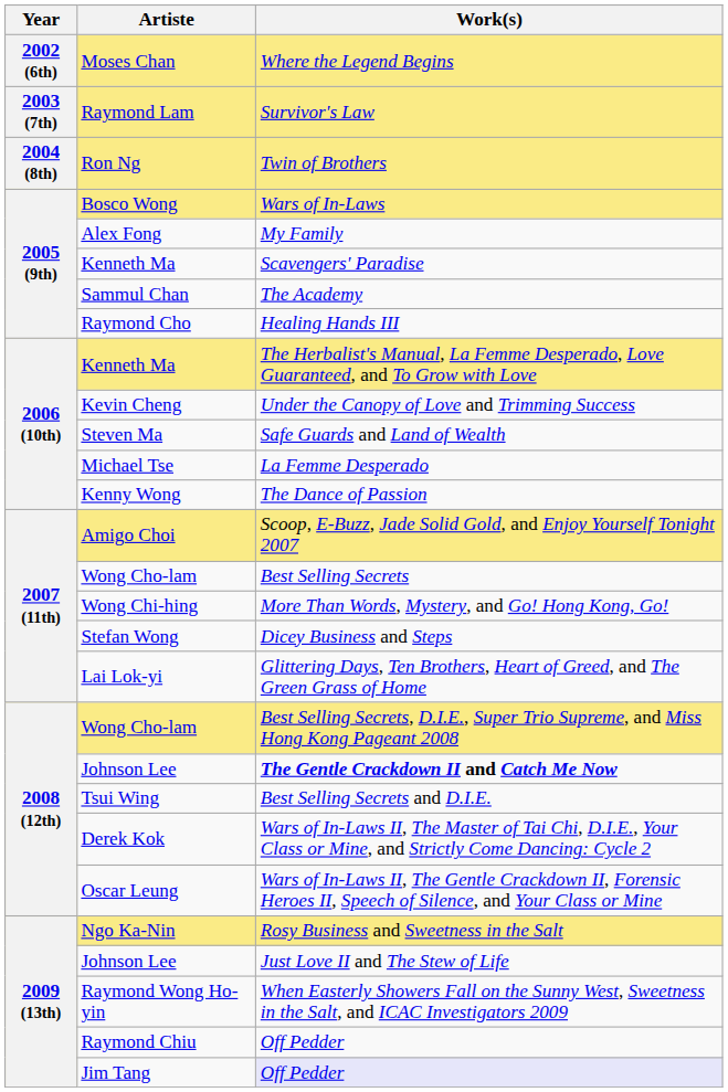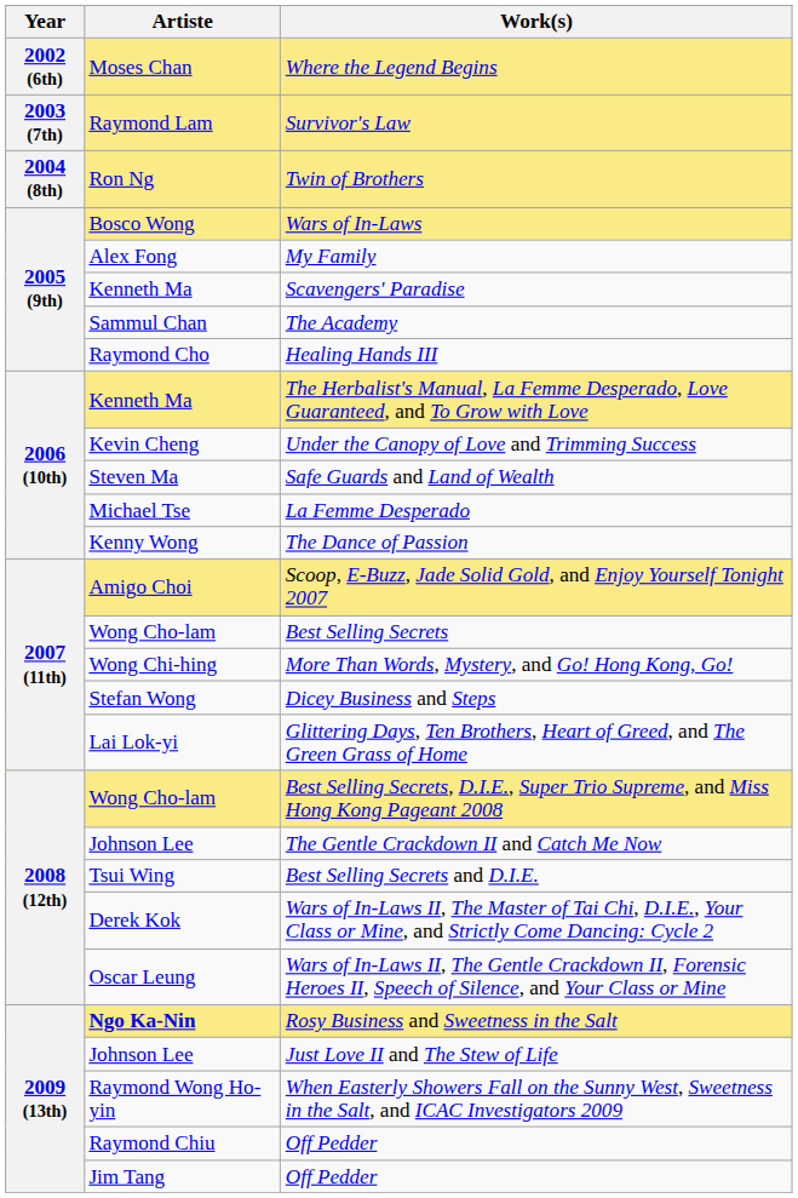 <table class="wikitable">
 <tr>
 <th style="width:10%;">Year</th>
 <th style="width:25%;">Artiste</th>
 <th>Work(s)</th>
 </tr>
 <tr>
 <th scope="row" style="text-align:center"><strong><a href='#'>2002</a></strong><br><small>(6th)</small></th>
 <td style="background:#FAEB86"><a href='#'>Moses Chan</a> </td>
 <td style="background:#FAEB86"><em><a href='#'>Where the Legend Begins</a></em></td>
 </tr>
 <tr>
 <th scope="row" style="text-align:center"><strong><a href='#'>2003</a></strong><br><small>(7th)</small></th>
 <td style="background:#FAEB86"><a href='#'>Raymond Lam</a> </td>
 <td style="background:#FAEB86"><em><a href='#'>Survivor's Law</a></em></td>
 </tr>
 <tr>
 <th scope="row" style="text-align:center"><strong><a href='#'>2004</a></strong><br><small>(8th)</small></th>
 <td style="background:#FAEB86"><a href='#'>Ron Ng</a> </td>
 <td style="background:#FAEB86"><em><a href='#'>Twin of Brothers</a></em></td>
 </tr>
 <tr style="background:#FAEB86">
 <th rowspan="5"><strong><a href='#'>2005</a></strong><br><small>(9th)</small></th>
 <td><a href='#'>Bosco Wong</a> </td>
 <td><em><a href='#'>Wars of In-Laws</a></em></td>
 </tr>
 <tr>
 <td><a href='#'>Alex Fong</a></td>
 <td><em><a href='#'>My Family</a></em></td>
 </tr>
 <tr>
 <td><a href='#'>Kenneth Ma</a></td>
 <td><em><a href='#'>Scavengers' Paradise</a></em></td>
 </tr>
 <tr>
 <td><a href='#'>Sammul Chan</a></td>
 <td><em><a href='#'>The Academy</a></em></td>
 </tr>
 <tr>
 <td><a href='#'>Raymond Cho</a></td>
 <td><em><a href='#'>Healing Hands III</a></em></td>
 </tr>
 <tr style="background:#FAEB86">
 <th rowspan="5"><strong><a href='#'>2006</a></strong> <br><small>(10th)</small></th>
 <td><a href='#'>Kenneth Ma</a> </td>
 <td><em><a href='#'>The Herbalist's Manual</a></em>, <em><a href='#'>La Femme Desperado</a></em>, <em><a href='#'>Love Guaranteed</a></em>, and <em><a href='#'>To Grow with Love</a></em></td>
 </tr>
 <tr>
 <td><a href='#'>Kevin Cheng</a></td>
 <td><em><a href='#'>Under the Canopy of Love</a></em> and <em><a href='#'>Trimming Success</a></em></td>
 </tr>
 <tr>
 <td><a href='#'>Steven Ma</a></td>
 <td><em><a href='#'>Safe Guards</a></em> and <em><a href='#'>Land of Wealth</a></em></td>
 </tr>
 <tr>
 <td><a href='#'>Michael Tse</a></td>
 <td><em><a href='#'>La Femme Desperado</a></em></td>
 </tr>
 <tr>
 <td><a href='#'>Kenny Wong</a></td>
 <td><em><a href='#'>The Dance of Passion</a></em></td>
 </tr>
 <tr style="background:#FAEB86">
 <th rowspan="5"><strong><a href='#'>2007</a></strong><br><small>(11th)</small></th>
 <td><a href='#'>Amigo Choi</a> </td>
 <td><em>Scoop</em>, <em><a href='#'>E-Buzz</a></em>, <em><a href='#'>Jade Solid Gold</a></em>, and <em><a href='#'>Enjoy Yourself Tonight 2007</a></em></td>
 </tr>
 <tr>
 <td><a href='#'>Wong Cho-lam</a></td>
 <td><em><a href='#'>Best Selling Secrets</a></em></td>
 </tr>
 <tr>
 <td><a href='#'>Wong Chi-hing</a></td>
 <td><em><a href='#'>More Than Words</a></em>, <em><a href='#'>Mystery</a></em>, and <em><a href='#'>Go! Hong Kong, Go!</a></em></td>
 </tr>
 <tr>
 <td><a href='#'>Stefan Wong</a></td>
 <td><em><a href='#'>Dicey Business</a></em> and <em><a href='#'>Steps</a></em></td>
 </tr>
 <tr>
 <td><a href='#'>Lai Lok-yi</a></td>
 <td><em><a href='#'>Glittering Days</a></em>, <em><a href='#'>Ten Brothers</a></em>, <em><a href='#'>Heart of Greed</a></em>, and <em><a href='#'>The Green Grass of Home</a></em></td>
 </tr>
 <tr style="background:#FAEB86">
 <th rowspan="5"><strong><a href='#'>2008</a></strong><br><small>(12th)</small></th>
 <td><a href='#'>Wong Cho-lam</a> </td>
 <td><em><a href='#'>Best Selling Secrets</a></em>, <em><a href='#'>D.I.E.</a></em>, <em><a href='#'>Super Trio Supreme</a></em>, and <em><a href='#'>Miss Hong Kong Pageant 2008</a></em></td>
 </tr>
 <tr>
 <td><a href='#'>Johnson Lee</a></td>
-<td><strong><em><a href='#'>The Gentle Crackdown II</a></em> and <em><a href='#'>Catch Me Now</a></em></strong></td>
+<td><em><a href='#'>The Gentle Crackdown II</a></em> and <em><a href='#'>Catch Me Now</a></em></td>
 </tr>
 <tr>
 <td><a href='#'>Tsui Wing</a></td>
 <td><em><a href='#'>Best Selling Secrets</a></em> and <em><a href='#'>D.I.E.</a></em></td>
 </tr>
 <tr>
 <td><a href='#'>Derek Kok</a></td>
 <td><em><a href='#'>Wars of In-Laws II</a></em>, <em><a href='#'>The Master of Tai Chi</a></em>, <em><a href='#'>D.I.E.</a></em>, <em><a href='#'>Your Class or Mine</a></em>, and <em><a href='#'>Strictly Come Dancing: Cycle 2</a></em></td>
 </tr>
 <tr>
 <td><a href='#'>Oscar Leung</a></td>
 <td><em><a href='#'>Wars of In-Laws II</a></em>, <em><a href='#'>The Gentle Crackdown II</a></em>, <em><a href='#'>Forensic Heroes II</a></em>, <em><a href='#'>Speech of Silence</a></em>, and <em><a href='#'>Your Class or Mine</a></em></td>
 </tr>
 <tr style="background:#FAEB86">
 <th rowspan="5"><strong><a href='#'>2009</a></strong><br><small>(13th)</small></th>
-<td><a href='#'>Ngo Ka-Nin</a> </td>
+<td><strong><a href='#'>Ngo Ka-Nin</a> </strong></td>
 <td><em><a href='#'>Rosy Business</a></em> and <em><a href='#'>Sweetness in the Salt</a></em></td>
 </tr>
 <tr>
 <td><a href='#'>Johnson Lee</a></td>
 <td><em><a href='#'>Just Love II</a></em> and <em><a href='#'>The Stew of Life</a></em></td>
 </tr>
 <tr>
 <td><a href='#'>Raymond Wong Ho-yin</a></td>
 <td><em><a href='#'>When Easterly Showers Fall on the Sunny West</a></em>, <em><a href='#'>Sweetness in the Salt</a></em>, and <em><a href='#'>ICAC Investigators 2009</a></em></td>
 </tr>
 <tr>
 <td><a href='#'>Raymond Chiu</a></td>
 <td><em><a href='#'>Off Pedder</a></em></td>
 </tr>
 <tr>
 <td><a href='#'>Jim Tang</a></td>
-<td style="background: lavender;"><em><a href='#'>Off Pedder</a></em></td>
+<td><em><a href='#'>Off Pedder</a></em></td>
 </tr>
 </table>
